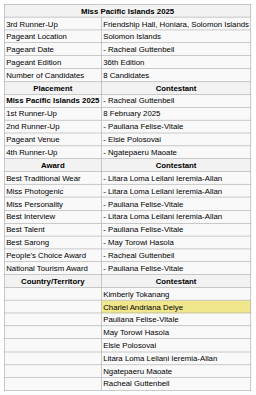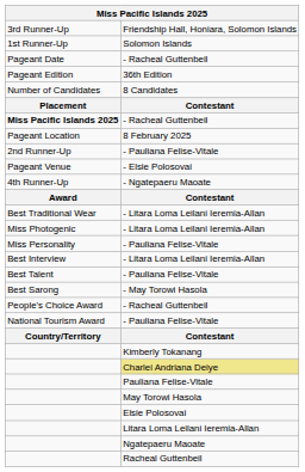 <table class="wikitable sortable" style="font-size: 80%;">
 <tr>
 <th colspan="2"><strong>Miss Pacific Islands 2025</strong></th>
 </tr>
 <tr>
 <td>3rd Runner-Up</td>
 <td>Friendship Hall, Honiara, Solomon Islands</td>
 </tr>
 <tr>
-<td>Pageant Location</td>
+<td>1st Runner-Up</td>
 <td>Solomon Islands</td>
 </tr>
 <tr>
 <td>Pageant Date</td>
 <td> - Racheal Guttenbeil</td>
 </tr>
 <tr>
 <td>Pageant Edition</td>
 <td>36th Edition</td>
 </tr>
 <tr>
 <td>Number of Candidates</td>
 <td>8 Candidates</td>
 </tr>
 <tr>
 <th>Placement</th>
 <th>Contestant</th>
 </tr>
 <tr>
 <td><strong>Miss Pacific Islands 2025</strong></td>
 <td> - Racheal Guttenbeil</td>
 </tr>
 <tr>
-<td>1st Runner-Up</td>
+<td>Pageant Location</td>
 <td>8 February 2025</td>
 </tr>
 <tr>
 <td>2nd Runner-Up</td>
 <td> - Pauliana Felise-Vitale</td>
 </tr>
 <tr>
 <td>Pageant Venue</td>
 <td> - Elsie Polosovai</td>
 </tr>
 <tr>
 <td>4th Runner-Up</td>
 <td> - Ngatepaeru Maoate</td>
 </tr>
 <tr>
 <th>Award</th>
 <th>Contestant</th>
 </tr>
 <tr>
 <td>Best Traditional Wear</td>
 <td> - Litara Loma Leilani Ieremia-Allan</td>
 </tr>
 <tr>
 <td>Miss Photogenic</td>
 <td> - Litara Loma Leilani Ieremia-Allan</td>
 </tr>
 <tr>
 <td>Miss Personality</td>
 <td> - Pauliana Felise-Vitale</td>
 </tr>
 <tr>
 <td>Best Interview</td>
 <td> - Litara Loma Leilani Ieremia-Allan</td>
 </tr>
 <tr>
 <td>Best Talent</td>
 <td> - Pauliana Felise-Vitale</td>
 </tr>
 <tr>
 <td>Best Sarong</td>
 <td> - May Torowi Hasola</td>
 </tr>
 <tr>
 <td>People's Choice Award</td>
 <td> - Racheal Guttenbeil</td>
 </tr>
 <tr>
 <td>National Tourism Award</td>
 <td> - Pauliana Felise-Vitale</td>
 </tr>
 <tr>
 <th><strong>Country/Territory</strong></th>
 <th>Contestant</th>
 </tr>
 <tr>
 <td></td>
 <td>Kimberly Tokanang</td>
 </tr>
 <tr>
 <td></td>
 <td style="background: khaki;">Charlei Andriana Deiye</td>
 </tr>
 <tr>
 <td></td>
 <td>Pauliana Felise-Vitale</td>
 </tr>
 <tr>
 <td></td>
 <td>May Torowi Hasola</td>
 </tr>
 <tr>
 <td></td>
 <td>Elsie Polosovai</td>
 </tr>
 <tr>
 <td></td>
 <td>Litara Loma Leilani Ieremia-Allan</td>
 </tr>
 <tr>
 <td></td>
 <td>Ngatepaeru Maoate</td>
 </tr>
 <tr>
 <td></td>
 <td>Racheal Guttenbeil</td>
 </tr>
 </table>
